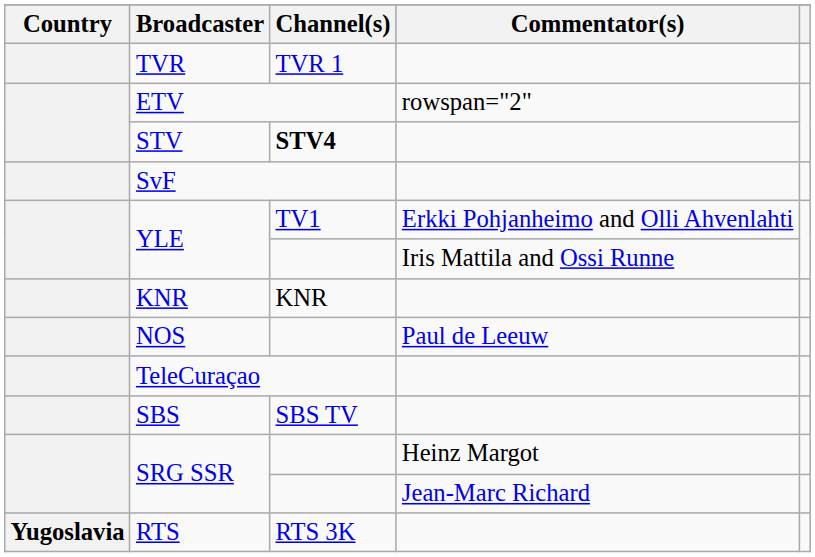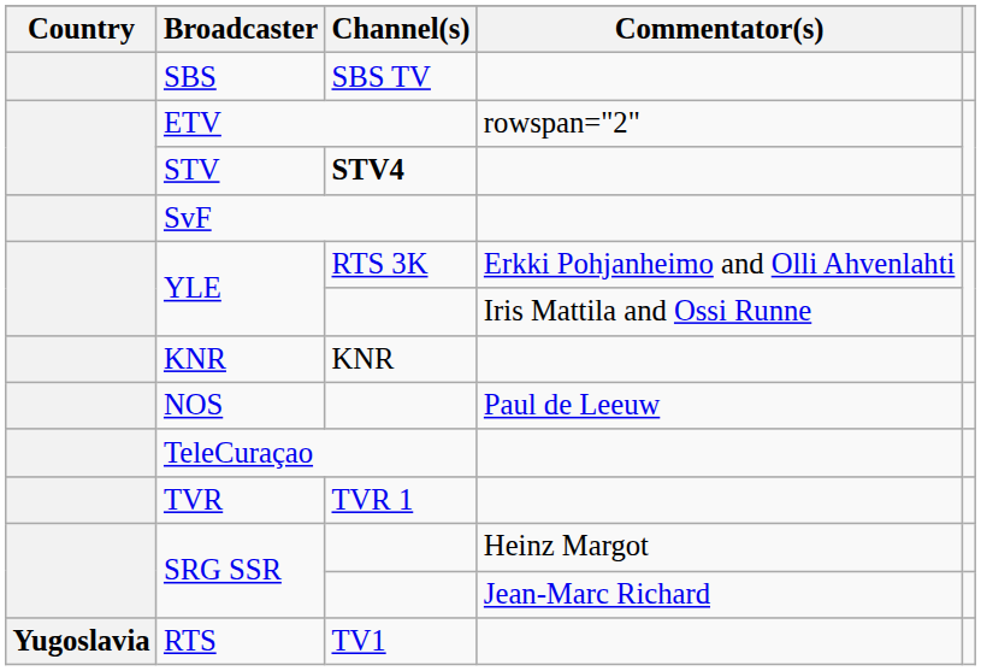 <table class="wikitable plainrowheaders sticky-header">
 <tr>
 </tr>
 <tr>
 <th scope="col">Country</th>
 <th scope="col">Broadcaster</th>
 <th scope="col">Channel(s)</th>
 <th scope="col">Commentator(s)</th>
 <th scope="col"></th>
 </tr>
 <tr>
 <th scope="row"></th>
-<td><a href='#'>TVR</a></td>
-<td><a href='#'>TVR 1</a></td>
+<td><a href='#'>SBS</a></td>
+<td><a href='#'>SBS TV</a></td>
 <td></td>
 <td style="text-align:center"></td>
 </tr>
 <tr>
 <th scope="row" rowspan="2"></th>
 <td colspan="2"><a href='#'>ETV</a></td>
 <td>rowspan="2" </td>
 <td rowspan="2" style="text-align:center"></td>
 </tr>
 <tr>
 <td><a href='#'>STV</a></td>
 <td><strong>STV4</strong></td>
 </tr>
 <tr>
 <th scope="row"></th>
 <td colspan="2"><a href='#'>SvF</a></td>
 <td></td>
 <td style="text-align:center"></td>
 </tr>
 <tr>
 <th scope="rowgroup" rowspan="2"></th>
 <td rowspan="2"><a href='#'>YLE</a></td>
-<td><a href='#'>TV1</a></td>
+<td><a href='#'>RTS 3K</a></td>
 <td><a href='#'>Erkki Pohjanheimo</a> and <a href='#'>Olli Ahvenlahti</a></td>
 <td rowspan="2" style="text-align:center"></td>
 </tr>
 <tr>
 <td></td>
 <td>Iris Mattila and <a href='#'>Ossi Runne</a></td>
 </tr>
 <tr>
 <th scope="row"></th>
 <td><a href='#'>KNR</a></td>
 <td>KNR</td>
 <td></td>
 <td style="text-align:center"></td>
 </tr>
 <tr>
 <th scope="row"></th>
 <td><a href='#'>NOS</a></td>
 <td></td>
 <td><a href='#'>Paul de Leeuw</a></td>
 <td style="text-align:center"></td>
 </tr>
 <tr>
 <th scope="row"></th>
 <td colspan="2"><a href='#'>TeleCuraçao</a></td>
 <td></td>
 <td style="text-align:center"></td>
 </tr>
 <tr>
 <th scope="row"></th>
-<td><a href='#'>SBS</a></td>
-<td><a href='#'>SBS TV</a></td>
+<td><a href='#'>TVR</a></td>
+<td><a href='#'>TVR 1</a></td>
 <td></td>
 <td style="text-align:center"></td>
 </tr>
 <tr>
 <th scope="rowgroup" rowspan="2"></th>
 <td rowspan="2"><a href='#'>SRG SSR</a></td>
 <td></td>
 <td>Heinz Margot</td>
 <td style="text-align:center"></td>
 </tr>
 <tr>
 <td></td>
 <td><a href='#'>Jean-Marc Richard</a></td>
 <td style="text-align:center"></td>
 </tr>
 <tr>
 <th scope="row"> Yugoslavia</th>
 <td><a href='#'>RTS</a></td>
-<td><a href='#'>RTS 3K</a></td>
+<td><a href='#'>TV1</a></td>
 <td></td>
 <td style="text-align:center"></td>
 </tr>
 </table>
